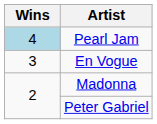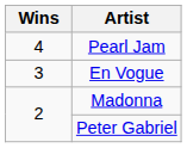 <table class="wikitable" rowspan="2" style="text-align:center">
 <tr>
 <th scope="col" style="width:55px;">Wins</th>
 <th scope="col" style="text-align:center;">Artist</th>
 </tr>
 <tr>
-<td style="background: lightblue; text-align:center">4</td>
+<td style="text-align:center">4</td>
 <td><a href='#'>Pearl Jam</a></td>
 </tr>
 <tr>
 <td style="text-align:center">3</td>
 <td><a href='#'>En Vogue</a></td>
 </tr>
 <tr>
 <td rowspan="2" style="text-align:center">2</td>
 <td><a href='#'>Madonna</a></td>
 </tr>
 <tr>
 <td><a href='#'>Peter Gabriel</a></td>
 </tr>
 </table>
